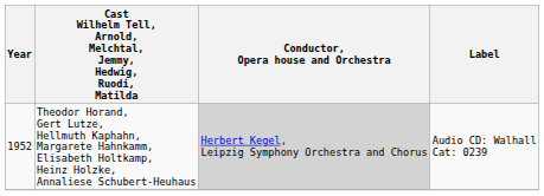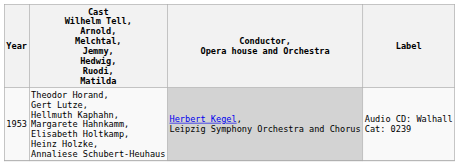 <table class ="wikitable">
 <tr>
 <th>Year</th>
 <th>Cast<br>Wilhelm Tell,<br>Arnold,<br>Melchtal,<br>Jemmy,<br>Hedwig,<br>Ruodi,<br>Matilda</th>
 <th>Conductor,<br>Opera house and Orchestra</th>
 <th>Label</th>
 </tr>
 <tr>
-<td>1952</td>
+<td>1953</td>
 <td>Theodor Horand,<br>Gert Lutze,<br>Hellmuth Kaphahn,<br>Margarete Hahnkamm,<br>Elisabeth Holtkamp,<br>Heinz Holzke,<br>Annaliese Schubert-Heuhaus</td>
 <td style="background: lightgrey;"><a href='#'>Herbert Kegel</a>,<br>Leipzig Symphony Orchestra and Chorus</td>
 <td>Audio CD: Walhall<br>Cat: 0239</td>
 </tr>
 <tr>
 </tr>
 </table>
